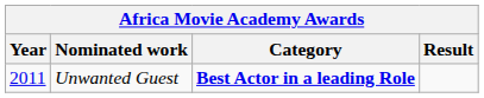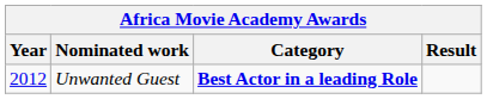 <table class="wikitable">
 <tr>
 <th colspan="5"><a href='#'>Africa Movie Academy Awards</a></th>
 </tr>
 <tr>
 <th>Year</th>
 <th>Nominated work</th>
 <th>Category</th>
 <th>Result</th>
 </tr>
 <tr>
-<td><a href='#'>2011</a></td>
+<td><a href='#'>2012</a></td>
 <td><em>Unwanted Guest</em></td>
 <td><strong><a href='#'>Best Actor in a leading Role</a></strong></td>
 <td></td>
 </tr>
 </table>
